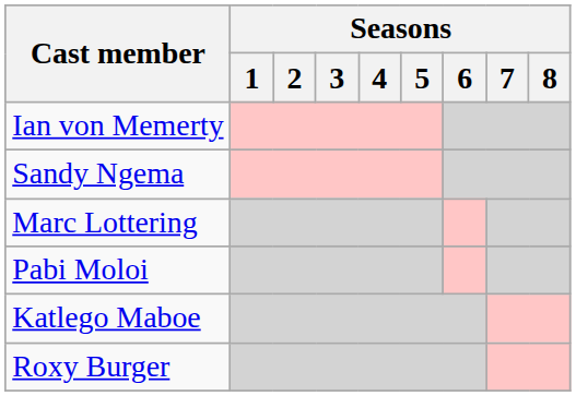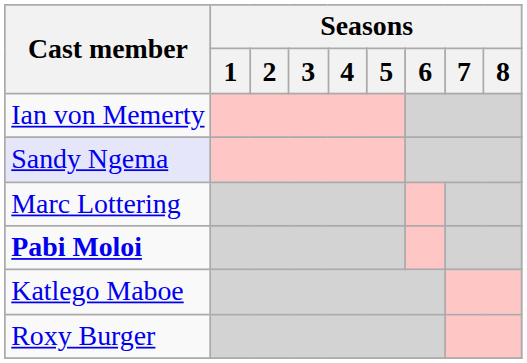 <table class="wikitable" style="margin:left; font-size:100%">
 <tr>
 <th rowspan="2">Cast member</th>
 <th colspan="8" style="text-align:center">Seasons</th>
 </tr>
 <tr>
 <th width="15">1</th>
 <th width="15">2</th>
 <th width="15">3</th>
 <th width="15">4</th>
 <th width="15">5</th>
 <th width="15">6</th>
 <th width="15">7</th>
 <th width="15">8</th>
 </tr>
 <tr>
 <td><a href='#'>Ian von Memerty</a></td>
 <td colspan="5" style="background:#ffc6c6"></td>
 <td colspan="3" style="background:lightgrey"></td>
 </tr>
 <tr>
-<td><a href='#'>Sandy Ngema</a></td>
+<td style="background: lavender;"><a href='#'>Sandy Ngema</a></td>
 <td colspan="5" style="background:#ffc6c6"></td>
 <td colspan="3" style="background:lightgrey"></td>
 </tr>
 <tr>
 <td><a href='#'>Marc Lottering</a></td>
 <td colspan="5" style="background:lightgrey"></td>
 <td colspan="1" style="background:#ffc6c6"></td>
 <td colspan="2" style="background:lightgrey"></td>
 </tr>
 <tr>
-<td><a href='#'>Pabi Moloi</a></td>
+<td><strong><a href='#'>Pabi Moloi</a></strong></td>
 <td colspan="5" style="background:lightgrey"></td>
 <td colspan="1" style="background:#ffc6c6"></td>
 <td colspan="2" style="background:lightgrey"></td>
 </tr>
 <tr>
 <td><a href='#'>Katlego Maboe</a></td>
 <td colspan="6" style="background:lightgrey"></td>
 <td colspan="2" style="background:#ffc6c6"></td>
 </tr>
 <tr>
 <td><a href='#'>Roxy Burger</a></td>
 <td colspan="6" style="background:lightgrey"></td>
 <td colspan="2" style="background:#ffc6c6"></td>
 </tr>
 </table>
